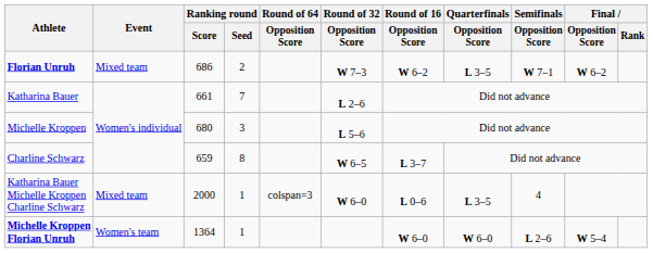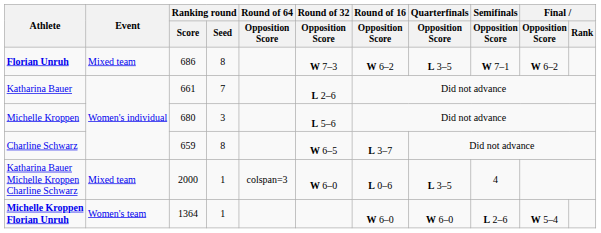 <table class="wikitable" style="font-size:90%">
 <tr>
 <th rowspan=2>Athlete</th>
 <th rowspan=2>Event</th>
 <th colspan="2">Ranking round</th>
 <th>Round of 64</th>
 <th>Round of 32</th>
 <th>Round of 16</th>
 <th>Quarterfinals</th>
 <th>Semifinals</th>
 <th colspan="2">Final / </th>
 </tr>
 <tr style="font-size:95%">
 <th>Score</th>
 <th>Seed</th>
 <th>Opposition<br>Score</th>
 <th>Opposition<br>Score</th>
 <th>Opposition<br>Score</th>
 <th>Opposition<br>Score</th>
 <th>Opposition<br>Score</th>
 <th>Opposition<br>Score</th>
 <th>Rank</th>
 </tr>
 <tr align=center>
 <td align=left><strong><a href='#'>Florian Unruh</a></strong></td>
 <td align=left><a href='#'>Mixed team</a></td>
 <td>686</td>
-<td>2</td>
+<td>8</td>
 <td></td>
 <td><br><strong>W</strong> 7–3</td>
 <td><br><strong>W</strong> 6–2</td>
 <td><br><strong>L</strong> 3–5</td>
 <td><br><strong>W</strong> 7–1</td>
 <td><br><strong>W</strong> 6–2</td>
 <td></td>
 </tr>
 <tr align=center>
 <td align=left><a href='#'>Katharina Bauer</a></td>
 <td align=left rowspan=3><a href='#'>Women's individual</a></td>
 <td>661</td>
 <td>7</td>
 <td></td>
 <td><br><strong>L</strong> 2–6</td>
 <td colspan=5>Did not advance</td>
 </tr>
 <tr align=center>
 <td align=left><a href='#'>Michelle Kroppen</a></td>
 <td>680</td>
 <td>3</td>
 <td></td>
 <td><br><strong>L</strong> 5–6</td>
 <td colspan=5>Did not advance</td>
 </tr>
 <tr align=center>
 <td align=left><a href='#'>Charline Schwarz</a></td>
 <td>659</td>
 <td>8</td>
 <td></td>
 <td><br><strong>W</strong> 6–5</td>
 <td><br><strong>L</strong> 3–7</td>
 <td colspan=4>Did not advance</td>
 </tr>
 <tr align=center>
 <td align=left><a href='#'>Katharina Bauer</a><br><a href='#'>Michelle Kroppen</a><br><a href='#'>Charline Schwarz</a></td>
 <td align=left><a href='#'>Mixed team</a></td>
 <td>2000</td>
 <td>1</td>
 <td>colspan=3</td>
 <td><br><strong>W</strong> 6–0</td>
 <td><br><strong>L</strong> 0–6</td>
 <td><br><strong>L</strong> 3–5</td>
 <td>4</td>
 </tr>
 <tr align=center>
 <td align=left><strong><a href='#'>Michelle Kroppen</a><br><a href='#'>Florian Unruh</a></strong></td>
 <td align=left><a href='#'>Women's team</a></td>
 <td>1364</td>
 <td>1</td>
 <td></td>
 <td></td>
 <td><br><strong>W</strong> 6–0</td>
 <td><br><strong>W</strong> 6–0</td>
 <td><br><strong>L</strong> 2–6</td>
 <td><br><strong>W</strong> 5–4</td>
 <td></td>
 </tr>
 </table>
